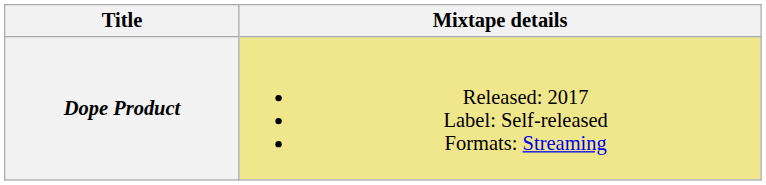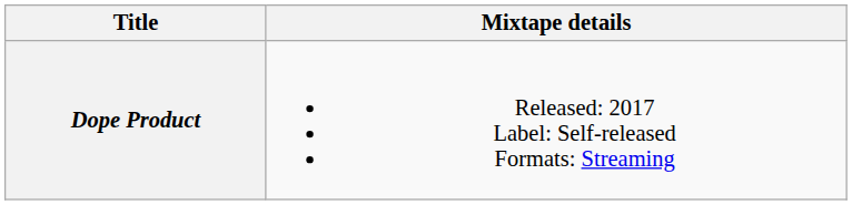 <table class="wikitable plainrowheaders" style="text-align:center;">
 <tr>
 <th scope="col" rowspan="1" style="width:11em;">Title</th>
 <th scope="col" rowspan="1" style="width:25em;">Mixtape details</th>
 </tr>
 <tr>
 <th scope="row"><em>Dope Product</em></th>
-<td style="background: khaki;"><br><ul><li>Released: 2017</li><li>Label: Self-released</li><li>Formats: <a href='#'>Streaming</a></li></ul></td>
+<td><br><ul><li>Released: 2017</li><li>Label: Self-released</li><li>Formats: <a href='#'>Streaming</a></li></ul></td>
 </tr>
 </table>
